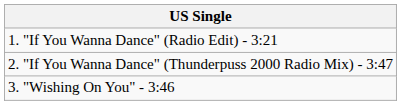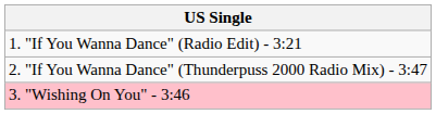 <table class="wikitable">
 <tr>
 <th>US Single</th>
 </tr>
 <tr>
 <td>1. "If You Wanna Dance" (Radio Edit) - 3:21</td>
 </tr>
 <tr>
 <td>2. "If You Wanna Dance" (Thunderpuss 2000 Radio Mix) - 3:47</td>
 </tr>
 <tr>
-<td>3. "Wishing On You" - 3:46</td>
+<td style="background: pink;">3. "Wishing On You" - 3:46</td>
 </tr>
 </table>
